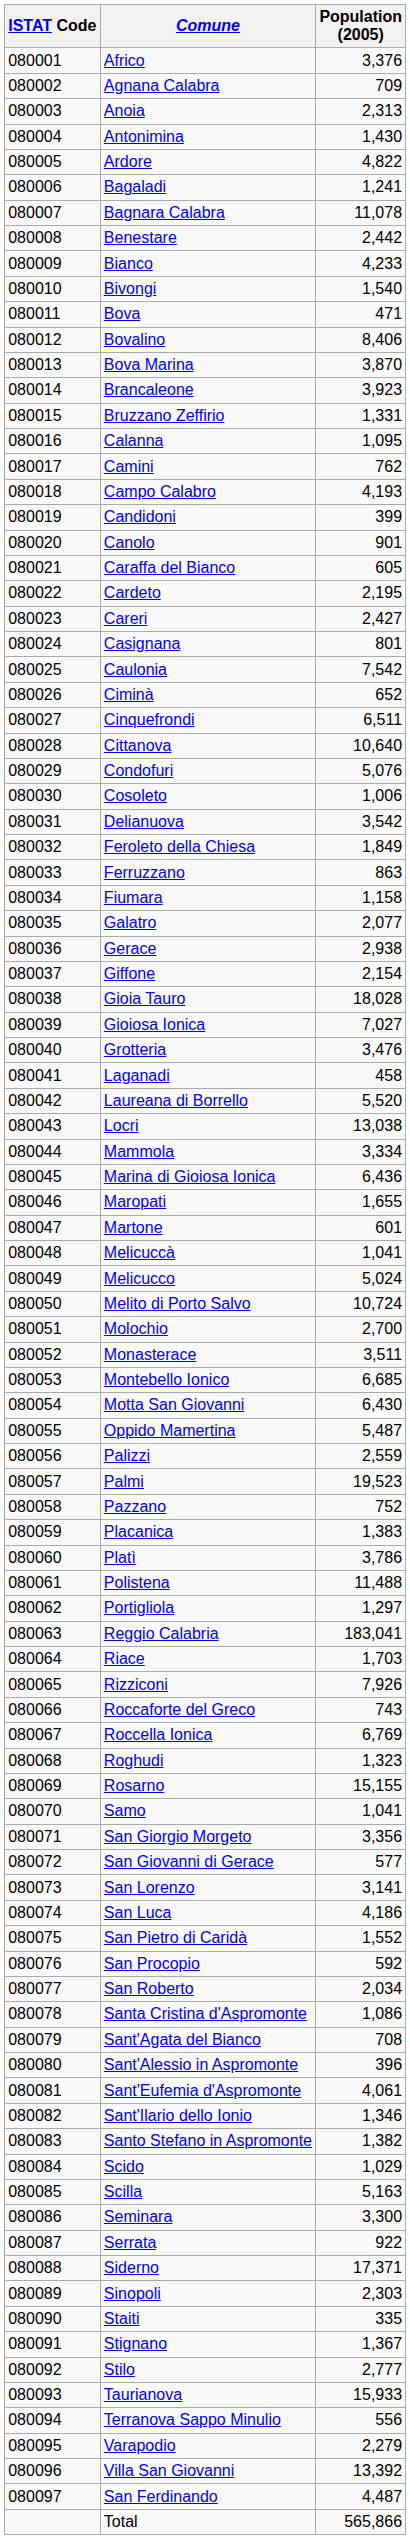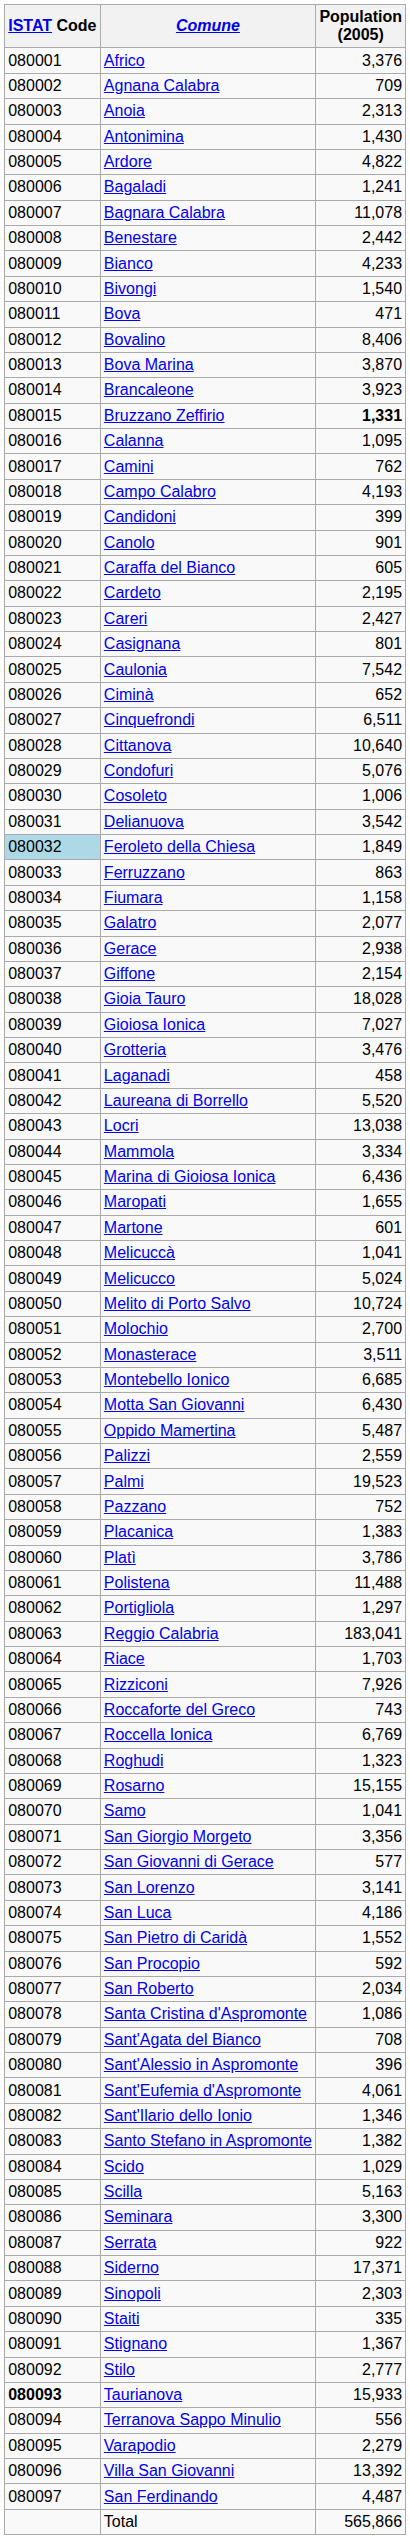 <table class="wikitable sortable">
 <tr>
 <th><a href='#'>ISTAT</a> Code</th>
 <th><em><a href='#'>Comune</a></em></th>
 <th>Population <br>(2005)</th>
 </tr>
 <tr>
 <td>080001</td>
 <td><a href='#'>Africo</a></td>
 <td align="right">3,376</td>
 </tr>
 <tr>
 <td>080002</td>
 <td><a href='#'>Agnana Calabra</a></td>
 <td align="right">709</td>
 </tr>
 <tr>
 <td>080003</td>
 <td><a href='#'>Anoia</a></td>
 <td align="right">2,313</td>
 </tr>
 <tr>
 <td>080004</td>
 <td><a href='#'>Antonimina</a></td>
 <td align="right">1,430</td>
 </tr>
 <tr>
 <td>080005</td>
 <td><a href='#'>Ardore</a></td>
 <td align="right">4,822</td>
 </tr>
 <tr>
 <td>080006</td>
 <td><a href='#'>Bagaladi</a></td>
 <td align="right">1,241</td>
 </tr>
 <tr>
 <td>080007</td>
 <td><a href='#'>Bagnara Calabra</a></td>
 <td align="right">11,078</td>
 </tr>
 <tr>
 <td>080008</td>
 <td><a href='#'>Benestare</a></td>
 <td align="right">2,442</td>
 </tr>
 <tr>
 <td>080009</td>
 <td><a href='#'>Bianco</a></td>
 <td align="right">4,233</td>
 </tr>
 <tr>
 <td>080010</td>
 <td><a href='#'>Bivongi</a></td>
 <td align="right">1,540</td>
 </tr>
 <tr>
 <td>080011</td>
 <td><a href='#'>Bova</a></td>
 <td align="right">471</td>
 </tr>
 <tr>
 <td>080012</td>
 <td><a href='#'>Bovalino</a></td>
 <td align="right">8,406</td>
 </tr>
 <tr>
 <td>080013</td>
 <td><a href='#'>Bova Marina</a></td>
 <td align="right">3,870</td>
 </tr>
 <tr>
 <td>080014</td>
 <td><a href='#'>Brancaleone</a></td>
 <td align="right">3,923</td>
 </tr>
 <tr>
 <td>080015</td>
 <td><a href='#'>Bruzzano Zeffirio</a></td>
-<td align="right">1,331</td>
+<td align="right"><strong>1,331</strong></td>
 </tr>
 <tr>
 <td>080016</td>
 <td><a href='#'>Calanna</a></td>
 <td align="right">1,095</td>
 </tr>
 <tr>
 <td>080017</td>
 <td><a href='#'>Camini</a></td>
 <td align="right">762</td>
 </tr>
 <tr>
 <td>080018</td>
 <td><a href='#'>Campo Calabro</a></td>
 <td align="right">4,193</td>
 </tr>
 <tr>
 <td>080019</td>
 <td><a href='#'>Candidoni</a></td>
 <td align="right">399</td>
 </tr>
 <tr>
 <td>080020</td>
 <td><a href='#'>Canolo</a></td>
 <td align="right">901</td>
 </tr>
 <tr>
 <td>080021</td>
 <td><a href='#'>Caraffa del Bianco</a></td>
 <td align="right">605</td>
 </tr>
 <tr>
 <td>080022</td>
 <td><a href='#'>Cardeto</a></td>
 <td align="right">2,195</td>
 </tr>
 <tr>
 <td>080023</td>
 <td><a href='#'>Careri</a></td>
 <td align="right">2,427</td>
 </tr>
 <tr>
 <td>080024</td>
 <td><a href='#'>Casignana</a></td>
 <td align="right">801</td>
 </tr>
 <tr>
 <td>080025</td>
 <td><a href='#'>Caulonia</a></td>
 <td align="right">7,542</td>
 </tr>
 <tr>
 <td>080026</td>
 <td><a href='#'>Ciminà</a></td>
 <td align="right">652</td>
 </tr>
 <tr>
 <td>080027</td>
 <td><a href='#'>Cinquefrondi</a></td>
 <td align="right">6,511</td>
 </tr>
 <tr>
 <td>080028</td>
 <td><a href='#'>Cittanova</a></td>
 <td align="right">10,640</td>
 </tr>
 <tr>
 <td>080029</td>
 <td><a href='#'>Condofuri</a></td>
 <td align="right">5,076</td>
 </tr>
 <tr>
 <td>080030</td>
 <td><a href='#'>Cosoleto</a></td>
 <td align="right">1,006</td>
 </tr>
 <tr>
 <td>080031</td>
 <td><a href='#'>Delianuova</a></td>
 <td align="right">3,542</td>
 </tr>
 <tr>
-<td>080032</td>
+<td style="background: lightblue;">080032</td>
 <td><a href='#'>Feroleto della Chiesa</a></td>
 <td align="right">1,849</td>
 </tr>
 <tr>
 <td>080033</td>
 <td><a href='#'>Ferruzzano</a></td>
 <td align="right">863</td>
 </tr>
 <tr>
 <td>080034</td>
 <td><a href='#'>Fiumara</a></td>
 <td align="right">1,158</td>
 </tr>
 <tr>
 <td>080035</td>
 <td><a href='#'>Galatro</a></td>
 <td align="right">2,077</td>
 </tr>
 <tr>
 <td>080036</td>
 <td><a href='#'>Gerace</a></td>
 <td align="right">2,938</td>
 </tr>
 <tr>
 <td>080037</td>
 <td><a href='#'>Giffone</a></td>
 <td align="right">2,154</td>
 </tr>
 <tr>
 <td>080038</td>
 <td><a href='#'>Gioia Tauro</a></td>
 <td align="right">18,028</td>
 </tr>
 <tr>
 <td>080039</td>
 <td><a href='#'>Gioiosa Ionica</a></td>
 <td align="right">7,027</td>
 </tr>
 <tr>
 <td>080040</td>
 <td><a href='#'>Grotteria</a></td>
 <td align="right">3,476</td>
 </tr>
 <tr>
 <td>080041</td>
 <td><a href='#'>Laganadi</a></td>
 <td align="right">458</td>
 </tr>
 <tr>
 <td>080042</td>
 <td><a href='#'>Laureana di Borrello</a></td>
 <td align="right">5,520</td>
 </tr>
 <tr>
 <td>080043</td>
 <td><a href='#'>Locri</a></td>
 <td align="right">13,038</td>
 </tr>
 <tr>
 <td>080044</td>
 <td><a href='#'>Mammola</a></td>
 <td align="right">3,334</td>
 </tr>
 <tr>
 <td>080045</td>
 <td><a href='#'>Marina di Gioiosa Ionica</a></td>
 <td align="right">6,436</td>
 </tr>
 <tr>
 <td>080046</td>
 <td><a href='#'>Maropati</a></td>
 <td align="right">1,655</td>
 </tr>
 <tr>
 <td>080047</td>
 <td><a href='#'>Martone</a></td>
 <td align="right">601</td>
 </tr>
 <tr>
 <td>080048</td>
 <td><a href='#'>Melicuccà</a></td>
 <td align="right">1,041</td>
 </tr>
 <tr>
 <td>080049</td>
 <td><a href='#'>Melicucco</a></td>
 <td align="right">5,024</td>
 </tr>
 <tr>
 <td>080050</td>
 <td><a href='#'>Melito di Porto Salvo</a></td>
 <td align="right">10,724</td>
 </tr>
 <tr>
 <td>080051</td>
 <td><a href='#'>Molochio</a></td>
 <td align="right">2,700</td>
 </tr>
 <tr>
 <td>080052</td>
 <td><a href='#'>Monasterace</a></td>
 <td align="right">3,511</td>
 </tr>
 <tr>
 <td>080053</td>
 <td><a href='#'>Montebello Ionico</a></td>
 <td align="right">6,685</td>
 </tr>
 <tr>
 <td>080054</td>
 <td><a href='#'>Motta San Giovanni</a></td>
 <td align="right">6,430</td>
 </tr>
 <tr>
 <td>080055</td>
 <td><a href='#'>Oppido Mamertina</a></td>
 <td align="right">5,487</td>
 </tr>
 <tr>
 <td>080056</td>
 <td><a href='#'>Palizzi</a></td>
 <td align="right">2,559</td>
 </tr>
 <tr>
 <td>080057</td>
 <td><a href='#'>Palmi</a></td>
 <td align="right">19,523</td>
 </tr>
 <tr>
 <td>080058</td>
 <td><a href='#'>Pazzano</a></td>
 <td align="right">752</td>
 </tr>
 <tr>
 <td>080059</td>
 <td><a href='#'>Placanica</a></td>
 <td align="right">1,383</td>
 </tr>
 <tr>
 <td>080060</td>
 <td><a href='#'>Platì</a></td>
 <td align="right">3,786</td>
 </tr>
 <tr>
 <td>080061</td>
 <td><a href='#'>Polistena</a></td>
 <td align="right">11,488</td>
 </tr>
 <tr>
 <td>080062</td>
 <td><a href='#'>Portigliola</a></td>
 <td align="right">1,297</td>
 </tr>
 <tr>
 <td>080063</td>
 <td><a href='#'>Reggio Calabria</a></td>
 <td align="right">183,041</td>
 </tr>
 <tr>
 <td>080064</td>
 <td><a href='#'>Riace</a></td>
 <td align="right">1,703</td>
 </tr>
 <tr>
 <td>080065</td>
 <td><a href='#'>Rizziconi</a></td>
 <td align="right">7,926</td>
 </tr>
 <tr>
 <td>080066</td>
 <td><a href='#'>Roccaforte del Greco</a></td>
 <td align="right">743</td>
 </tr>
 <tr>
 <td>080067</td>
 <td><a href='#'>Roccella Ionica</a></td>
 <td align="right">6,769</td>
 </tr>
 <tr>
 <td>080068</td>
 <td><a href='#'>Roghudi</a></td>
 <td align="right">1,323</td>
 </tr>
 <tr>
 <td>080069</td>
 <td><a href='#'>Rosarno</a></td>
 <td align="right">15,155</td>
 </tr>
 <tr>
 <td>080070</td>
 <td><a href='#'>Samo</a></td>
 <td align="right">1,041</td>
 </tr>
 <tr>
 <td>080071</td>
 <td><a href='#'>San Giorgio Morgeto</a></td>
 <td align="right">3,356</td>
 </tr>
 <tr>
 <td>080072</td>
 <td><a href='#'>San Giovanni di Gerace</a></td>
 <td align="right">577</td>
 </tr>
 <tr>
 <td>080073</td>
 <td><a href='#'>San Lorenzo</a></td>
 <td align="right">3,141</td>
 </tr>
 <tr>
 <td>080074</td>
 <td><a href='#'>San Luca</a></td>
 <td align="right">4,186</td>
 </tr>
 <tr>
 <td>080075</td>
 <td><a href='#'>San Pietro di Caridà</a></td>
 <td align="right">1,552</td>
 </tr>
 <tr>
 <td>080076</td>
 <td><a href='#'>San Procopio</a></td>
 <td align="right">592</td>
 </tr>
 <tr>
 <td>080077</td>
 <td><a href='#'>San Roberto</a></td>
 <td align="right">2,034</td>
 </tr>
 <tr>
 <td>080078</td>
 <td><a href='#'>Santa Cristina d'Aspromonte</a></td>
 <td align="right">1,086</td>
 </tr>
 <tr>
 <td>080079</td>
 <td><a href='#'>Sant'Agata del Bianco</a></td>
 <td align="right">708</td>
 </tr>
 <tr>
 <td>080080</td>
 <td><a href='#'>Sant'Alessio in Aspromonte</a></td>
 <td align="right">396</td>
 </tr>
 <tr>
 <td>080081</td>
 <td><a href='#'>Sant'Eufemia d'Aspromonte</a></td>
 <td align="right">4,061</td>
 </tr>
 <tr>
 <td>080082</td>
 <td><a href='#'>Sant'Ilario dello Ionio</a></td>
 <td align="right">1,346</td>
 </tr>
 <tr>
 <td>080083</td>
 <td><a href='#'>Santo Stefano in Aspromonte</a></td>
 <td align="right">1,382</td>
 </tr>
 <tr>
 <td>080084</td>
 <td><a href='#'>Scido</a></td>
 <td align="right">1,029</td>
 </tr>
 <tr>
 <td>080085</td>
 <td><a href='#'>Scilla</a></td>
 <td align="right">5,163</td>
 </tr>
 <tr>
 <td>080086</td>
 <td><a href='#'>Seminara</a></td>
 <td align="right">3,300</td>
 </tr>
 <tr>
 <td>080087</td>
 <td><a href='#'>Serrata</a></td>
 <td align="right">922</td>
 </tr>
 <tr>
 <td>080088</td>
 <td><a href='#'>Siderno</a></td>
 <td align="right">17,371</td>
 </tr>
 <tr>
 <td>080089</td>
 <td><a href='#'>Sinopoli</a></td>
 <td align="right">2,303</td>
 </tr>
 <tr>
 <td>080090</td>
 <td><a href='#'>Staiti</a></td>
 <td align="right">335</td>
 </tr>
 <tr>
 <td>080091</td>
 <td><a href='#'>Stignano</a></td>
 <td align="right">1,367</td>
 </tr>
 <tr>
 <td>080092</td>
 <td><a href='#'>Stilo</a></td>
 <td align="right">2,777</td>
 </tr>
 <tr>
-<td>080093</td>
+<td><strong>080093</strong></td>
 <td><a href='#'>Taurianova</a></td>
 <td align="right">15,933</td>
 </tr>
 <tr>
 <td>080094</td>
 <td><a href='#'>Terranova Sappo Minulio</a></td>
 <td align="right">556</td>
 </tr>
 <tr>
 <td>080095</td>
 <td><a href='#'>Varapodio</a></td>
 <td align="right">2,279</td>
 </tr>
 <tr>
 <td>080096</td>
 <td><a href='#'>Villa San Giovanni</a></td>
 <td align="right">13,392</td>
 </tr>
 <tr>
 <td>080097</td>
 <td><a href='#'>San Ferdinando</a></td>
 <td align="right">4,487</td>
 </tr>
 <tr>
 <td></td>
 <td>Total</td>
 <td align="right">565,866</td>
 </tr>
 <tr>
 </tr>
 </table>
